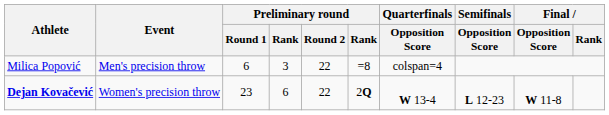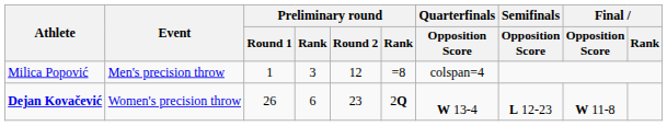 <table class="wikitable" style="font-size:90%">
 <tr>
 <th rowspan="2">Athlete</th>
 <th rowspan="2">Event</th>
 <th colspan="4">Preliminary round</th>
 <th>Quarterfinals</th>
 <th>Semifinals</th>
 <th colspan="2">Final / </th>
 </tr>
 <tr style="font-size:95%">
 <th>Round 1</th>
 <th>Rank</th>
 <th>Round 2</th>
 <th>Rank</th>
 <th>Opposition<br>Score</th>
 <th>Opposition<br>Score</th>
 <th>Opposition<br>Score</th>
 <th>Rank</th>
 </tr>
 <tr align=center>
 <td align=left><a href='#'>Milica Popović</a></td>
 <td align=left><a href='#'>Men's precision throw</a></td>
-<td>6</td>
+<td>1</td>
 <td>3</td>
-<td>22</td>
+<td>12</td>
 <td>=8</td>
 <td>colspan=4 </td>
 </tr>
 <tr align=center>
 <td align=left><strong><a href='#'>Dejan Kovačević</a></strong></td>
 <td align=left><a href='#'>Women's precision throw</a></td>
+<td>26</td>
+<td>6</td>
 <td>23</td>
-<td>6</td>
-<td>22</td>
 <td>2<strong>Q</strong></td>
 <td><br><strong>W</strong> 13-4</td>
 <td><br><strong>L</strong> 12-23</td>
 <td><br><strong>W</strong> 11-8</td>
 <td></td>
 </tr>
 </table>
